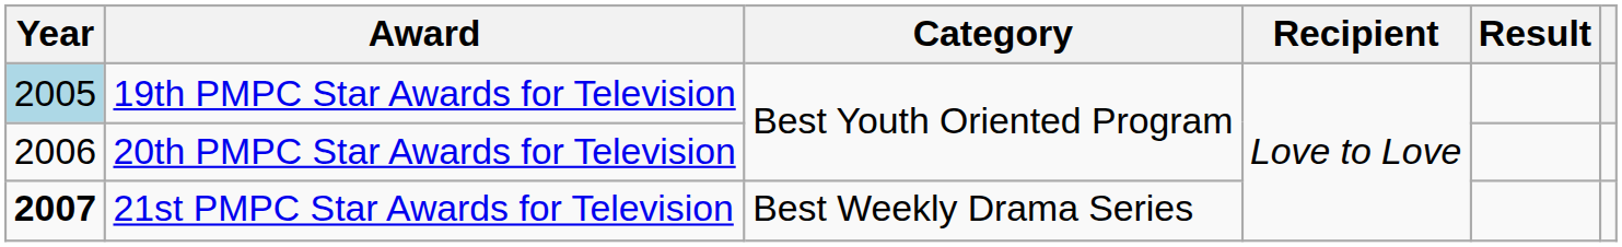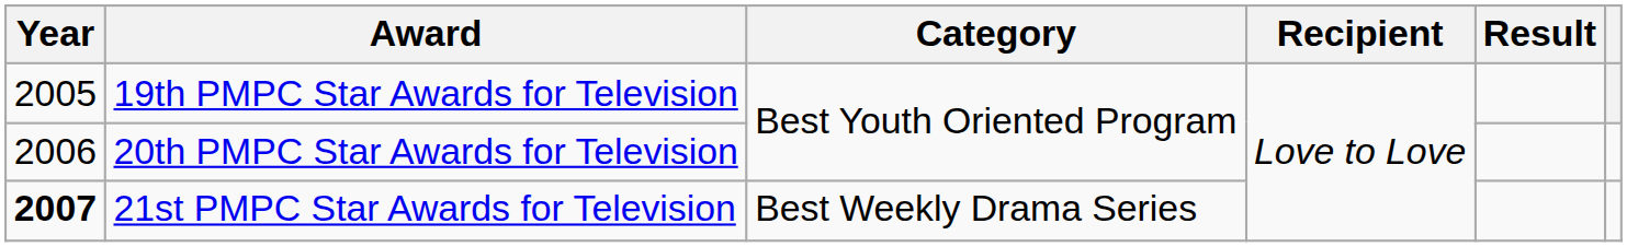 <table class="wikitable">
 <tr>
 <th>Year</th>
 <th>Award</th>
 <th>Category</th>
 <th>Recipient</th>
 <th>Result</th>
 <th></th>
 </tr>
 <tr>
-<td style="background: lightblue;">2005</td>
+<td>2005</td>
 <td><a href='#'>19th PMPC Star Awards for Television</a></td>
 <td rowspan=2>Best Youth Oriented Program</td>
 <td rowspan=3><em>Love to Love</em></td>
 <td></td>
 <th></th>
 </tr>
 <tr>
 <td>2006</td>
 <td><a href='#'>20th PMPC Star Awards for Television</a></td>
 <td></td>
 <td></td>
 </tr>
 <tr>
 <td><strong>2007</strong></td>
 <td><a href='#'>21st PMPC Star Awards for Television</a></td>
 <td>Best Weekly Drama Series</td>
 <td></td>
 <td></td>
 </tr>
 </table>
